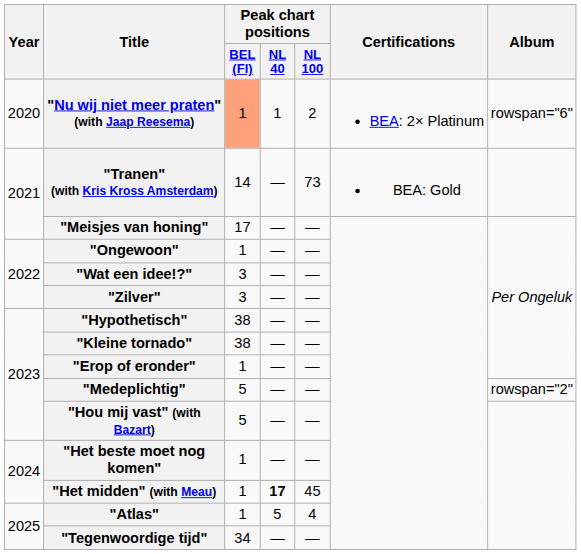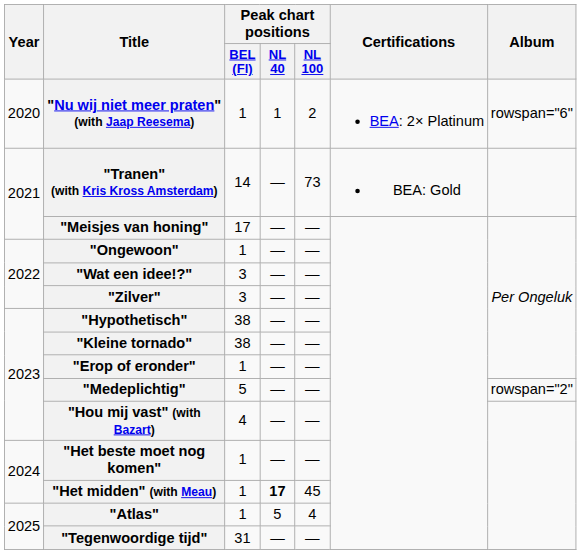 <table class="wikitable plainrowheaders" style="text-align:center;">
 <tr>
 <th scope="col" rowspan="2" style="width:1em;">Year</th>
 <th scope="col" rowspan="2" style="width:12em;">Title</th>
 <th scope="col" colspan="3">Peak chart positions</th>
 <th scope="col" rowspan="2">Certifications</th>
 <th scope="col" rowspan="2">Album</th>
 </tr>
 <tr>
 <th scope="col" style="width:2.2em; font-size:90%;"><a href='#'>BEL (Fl)</a><br></th>
 <th scope="col" style="width:2.2em; font-size:90%;"><a href='#'>NL<br>40</a><br></th>
 <th scope="col" style="width:2.2em; font-size:90%;"><a href='#'>NL<br>100</a><br></th>
 </tr>
 <tr>
 <td>2020</td>
 <th scope="row">"<a href='#'>Nu wij niet meer praten</a>" <small>(with <a href='#'>Jaap Reesema</a>)</small></th>
-<td style="background: lightsalmon;">1</td>
+<td>1</td>
 <td>1</td>
 <td>2</td>
 <td><br><ul><li><a href='#'>BEA</a>: 2× Platinum</li></ul></td>
 <td>rowspan="6" </td>
 </tr>
 <tr>
 <td rowspan="2">2021</td>
 <th scope="row">"Tranen" <br> <small>(with <a href='#'>Kris Kross Amsterdam</a>)</small></th>
 <td>14</td>
 <td>—</td>
 <td>73</td>
 <td><br><ul><li>BEA: Gold</li></ul></td>
 </tr>
 <tr>
 <th scope="row">"Meisjes van honing"</th>
 <td>17</td>
 <td>—</td>
 <td>—</td>
 <td rowspan="13"></td>
 <td rowspan="7"><em>Per Ongeluk</em></td>
 </tr>
 <tr>
 <td rowspan="3">2022</td>
 <th scope="row">"Ongewoon"</th>
 <td>1</td>
 <td>—</td>
 <td>—</td>
 </tr>
 <tr>
 <th scope="row">"Wat een idee!?"</th>
 <td>3</td>
 <td>—</td>
 <td>—</td>
 </tr>
 <tr>
 <th scope="row">"Zilver"</th>
 <td>3</td>
 <td>—</td>
 <td>—</td>
 </tr>
 <tr>
 <td rowspan="5">2023</td>
 <th scope="row">"Hypothetisch"</th>
 <td>38</td>
 <td>—</td>
 <td>—</td>
 </tr>
 <tr>
 <th scope="row">"Kleine tornado"</th>
 <td>38</td>
 <td>—</td>
 <td>—</td>
 </tr>
 <tr>
 <th scope="row">"Erop of eronder"</th>
 <td>1</td>
 <td>—</td>
 <td>—</td>
 </tr>
 <tr>
 <th scope="row">"Medeplichtig"</th>
 <td>5</td>
 <td>—</td>
 <td>—</td>
 <td>rowspan="2" </td>
 </tr>
 <tr>
 <th scope="row">"Hou mij vast" <small>(with <a href='#'>Bazart</a>)</small></th>
-<td>5</td>
+<td>4</td>
 <td>—</td>
 <td>—</td>
 </tr>
 <tr>
 <td rowspan="2">2024</td>
 <th scope="row">"Het beste moet nog komen"</th>
 <td>1</td>
 <td>—</td>
 <td>—</td>
 </tr>
 <tr>
 <th scope="row">"Het midden" <small>(with <a href='#'>Meau</a>)</small></th>
 <td>1</td>
 <td><strong>17</strong></td>
 <td>45</td>
 </tr>
 <tr>
 <td rowspan="2">2025</td>
 <th scope="row">"Atlas"</th>
 <td>1</td>
 <td>5</td>
 <td>4</td>
 </tr>
 <tr>
 <th scope="row">"Tegenwoordige tijd"</th>
-<td>34</td>
+<td>31</td>
 <td>—</td>
 <td>—</td>
 </tr>
 </table>
